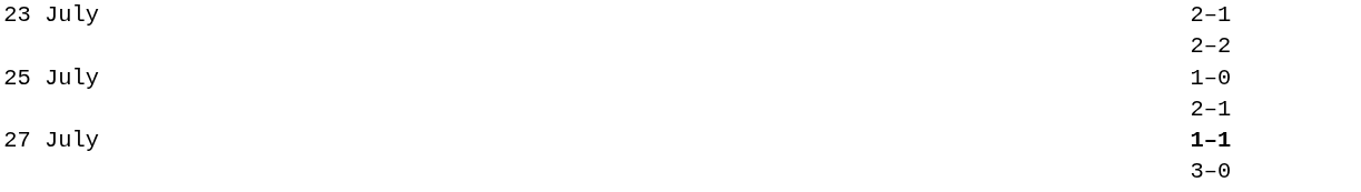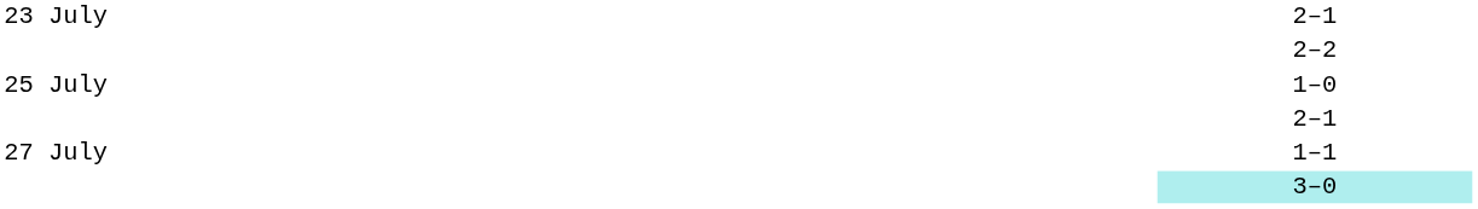 <table cellspacing=1 width=70%>
 <tr>
 <th width=25%></th>
 <th width=30%></th>
 <th width=15%></th>
 <th width=30%></th>
 </tr>
 <tr>
 <td>23 July</td>
 <td align=right></td>
 <td align=center>2–1</td>
 <td></td>
 </tr>
 <tr>
 <td></td>
 <td align=right></td>
 <td align=center>2–2</td>
 <td></td>
 </tr>
 <tr>
 <td>25 July</td>
 <td align=right></td>
 <td align=center>1–0</td>
 <td></td>
 </tr>
 <tr>
 <td></td>
 <td align=right></td>
 <td align=center>2–1</td>
 <td></td>
 </tr>
 <tr>
 <td>27 July</td>
 <td align=right></td>
-<td align=center><strong>1–1</strong></td>
+<td align=center>1–1</td>
 <td></td>
 </tr>
 <tr>
 <td></td>
 <td align=right></td>
-<td align=center>3–0</td>
+<td align=center style="background: paleturquoise;">3–0</td>
 <td></td>
 </tr>
 </table>
